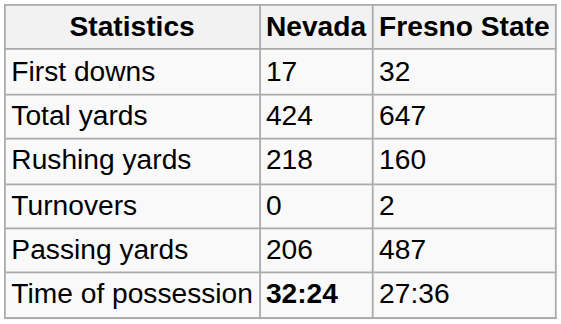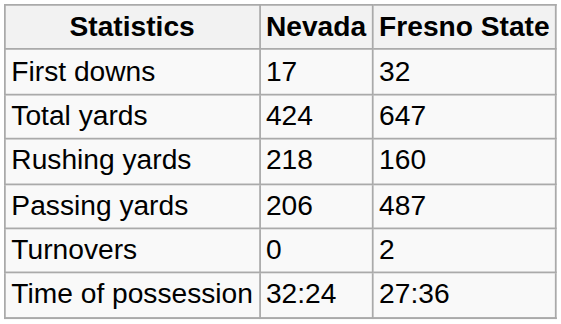 <table class="wikitable">
 <tr>
 <th>Statistics</th>
 <th>Nevada</th>
 <th>Fresno State</th>
 </tr>
 <tr>
 <td>First downs</td>
 <td>17</td>
 <td>32</td>
 </tr>
 <tr>
 <td>Total yards</td>
 <td>424</td>
 <td>647</td>
 </tr>
 <tr>
 <td>Rushing yards</td>
 <td>218</td>
 <td>160</td>
 </tr>
 <tr>
+<td>Passing yards</td>
+<td>206</td>
+<td>487</td>
+</tr>
+<tr>
 <td>Turnovers</td>
 <td>0</td>
 <td>2</td>
 </tr>
 <tr>
-<td>Passing yards</td>
-<td>206</td>
-<td>487</td>
-</tr>
-<tr>
 <td>Time of possession</td>
-<td><strong>32:24</strong></td>
+<td>32:24</td>
 <td>27:36</td>
 </tr>
 <tr>
 </tr>
 </table>
